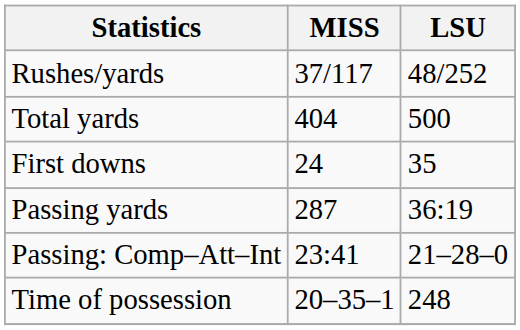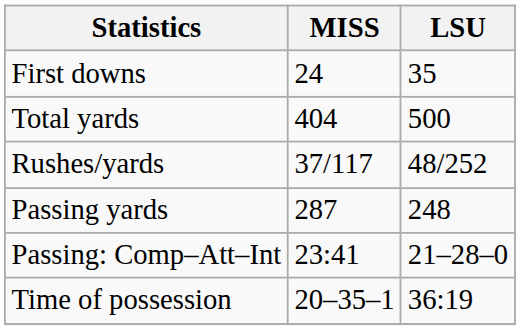 <table class="wikitable" style="float: left;">
 <tr>
 <th>Statistics</th>
 <th>MISS</th>
 <th>LSU</th>
 </tr>
 <tr>
-<td>Rushes/yards</td>
-<td>37/117</td>
-<td>48/252</td>
+<td>First downs</td>
+<td>24</td>
+<td>35</td>
 </tr>
 <tr>
 <td>Total yards</td>
 <td>404</td>
 <td>500</td>
 </tr>
 <tr>
-<td>First downs</td>
-<td>24</td>
-<td>35</td>
+<td>Rushes/yards</td>
+<td>37/117</td>
+<td>48/252</td>
 </tr>
 <tr>
 <td>Passing yards</td>
 <td>287</td>
-<td>36:19</td>
+<td>248</td>
 </tr>
 <tr>
 <td>Passing: Comp–Att–Int</td>
 <td>23:41</td>
 <td>21–28–0</td>
 </tr>
 <tr>
 <td>Time of possession</td>
 <td>20–35–1</td>
-<td>248</td>
+<td>36:19</td>
 </tr>
 <tr>
 </tr>
 </table>
